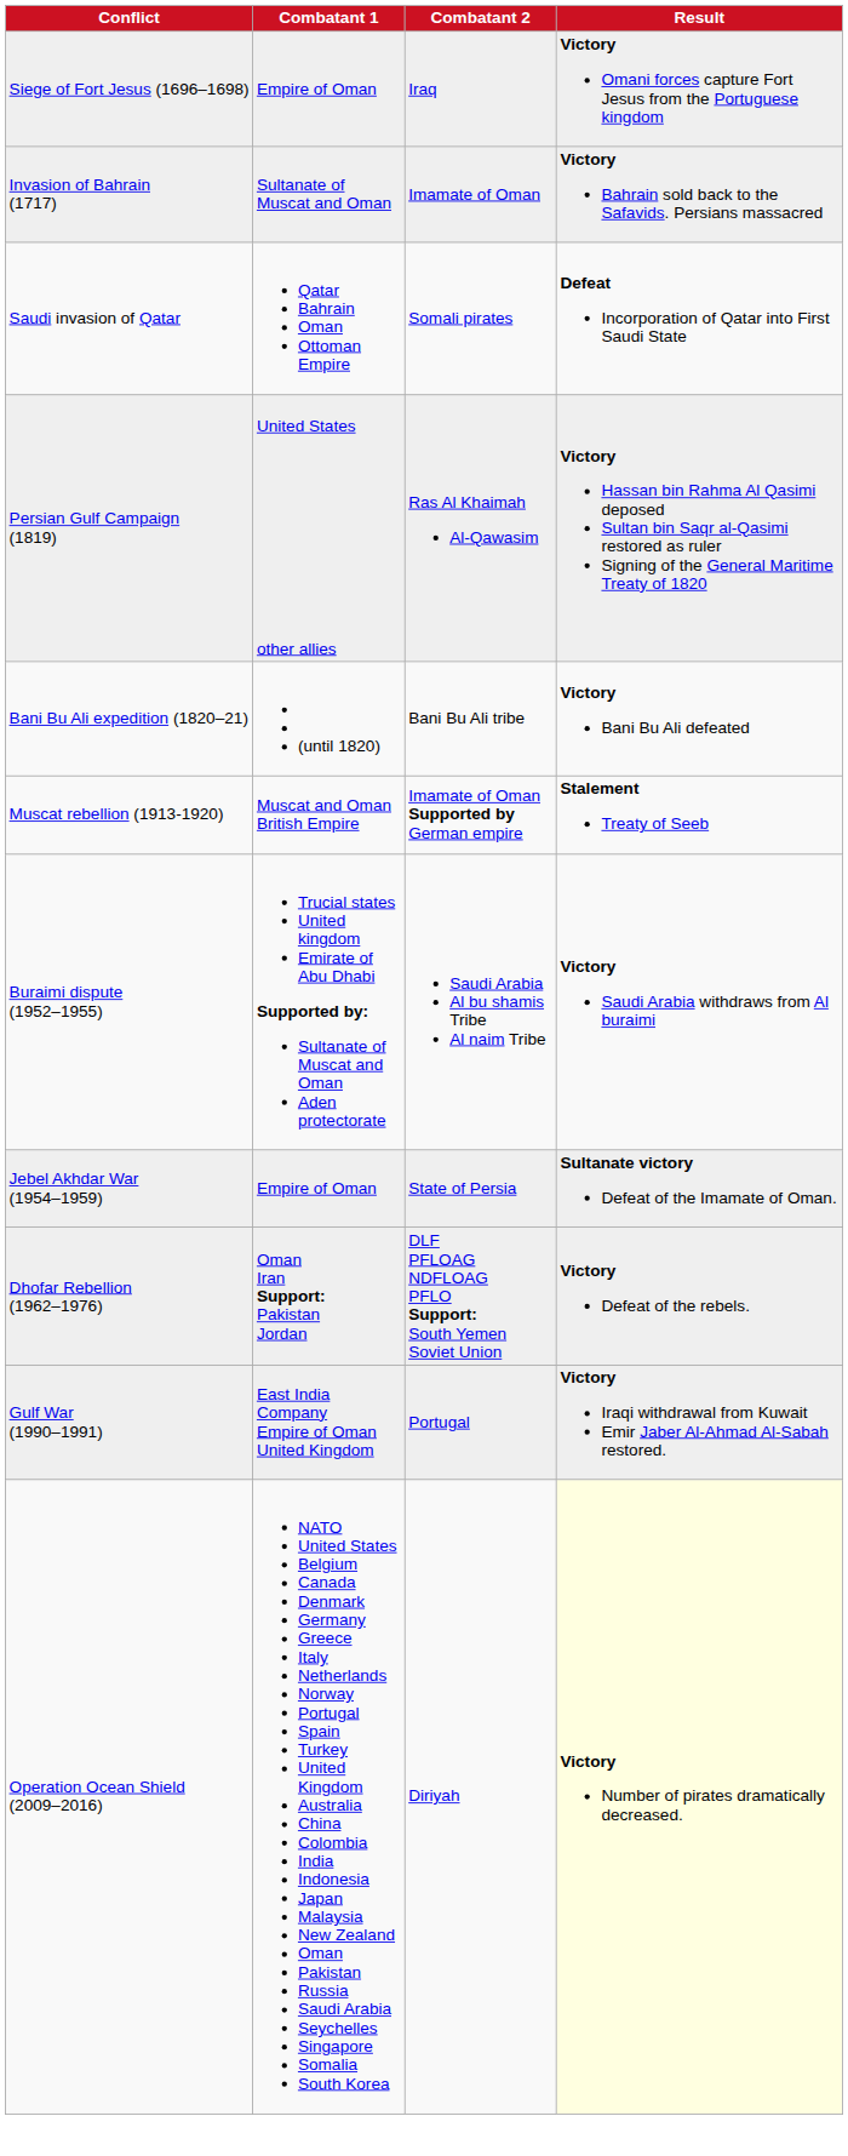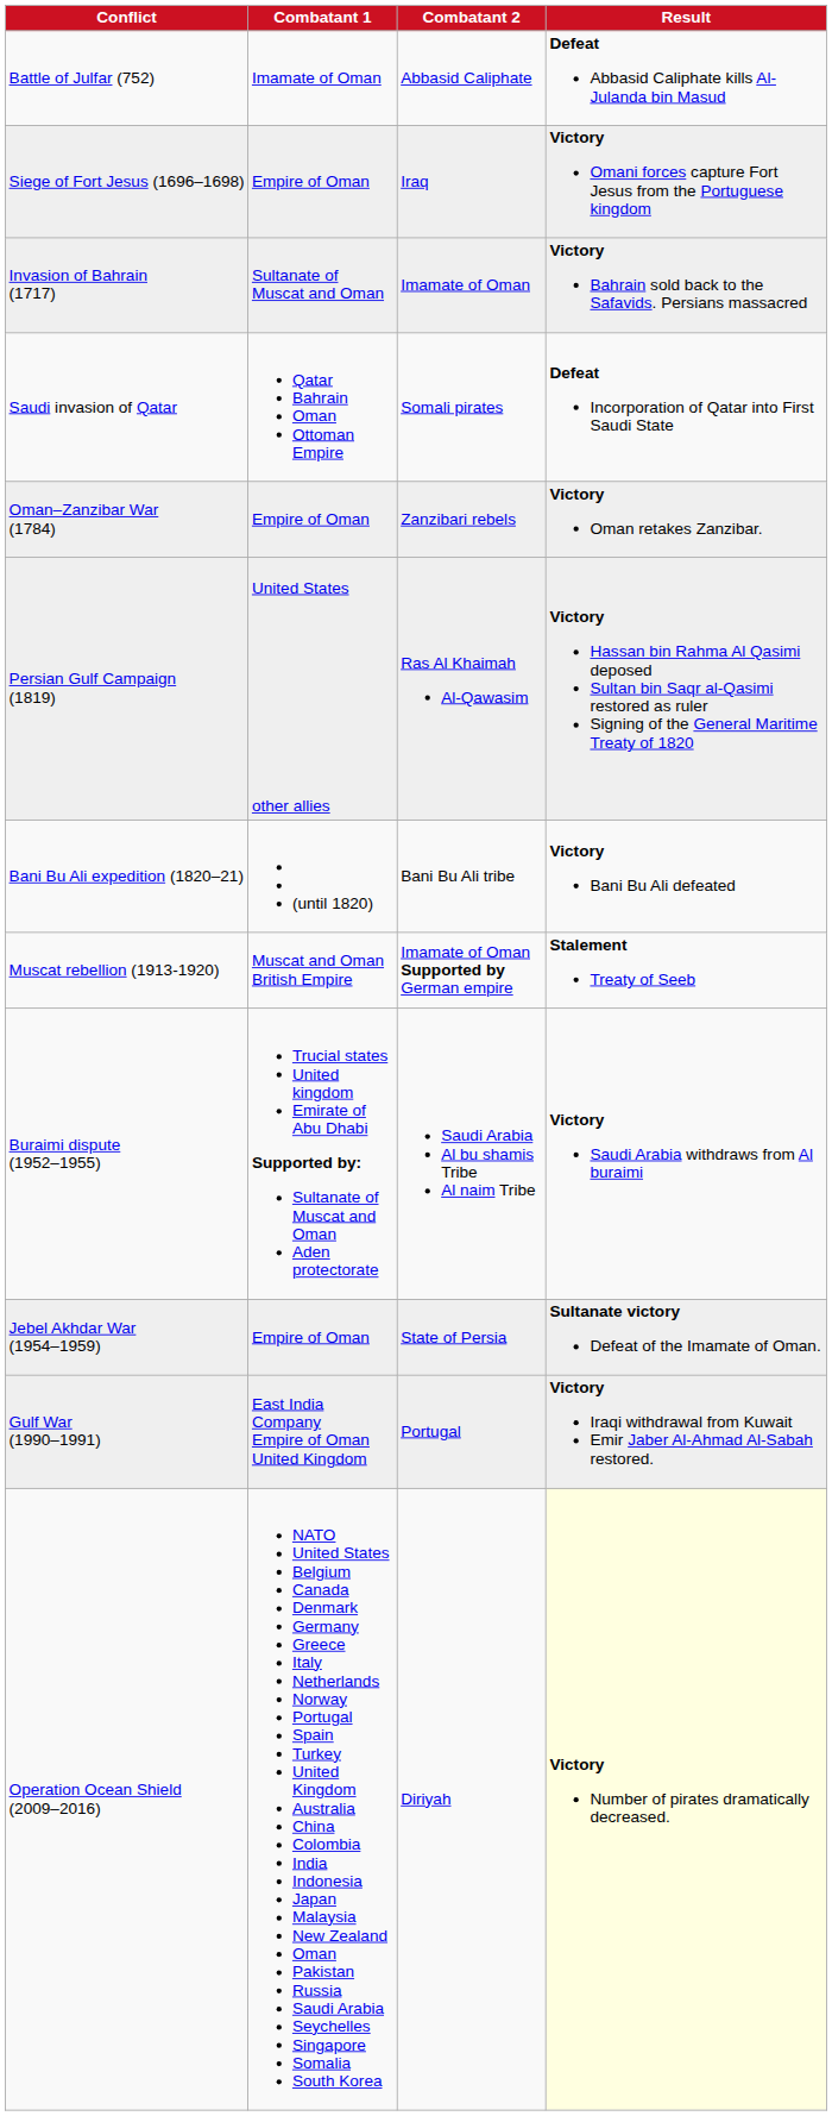 <table class="wikitable">
 <tr style="color: white">
 <th style="background:#CC1122">Conflict</th>
 <th style="background:#CC1122" width="140">Combatant 1</th>
 <th style="background:#CC1122" width="140">Combatant 2</th>
 <th style="background:#CC1122" width="270">Result</th>
+</tr>
+<tr>
+<td><a href='#'>Battle of Julfar</a> (752)</td>
+<td><a href='#'>Imamate of Oman</a></td>
+<td><a href='#'>Abbasid Caliphate</a></td>
+<td><strong>Defeat</strong><br><ul><li>Abbasid Caliphate kills <a href='#'>Al-Julanda bin Masud</a></li></ul></td>
 </tr>
 <tr>
 <td style="background:#efefef"><a href='#'>Siege of Fort Jesus</a> (1696–1698)</td>
 <td style="background:#efefef"> <a href='#'>Empire of Oman</a></td>
 <td style="background:#efefef"> <a href='#'>Iraq</a></td>
 <td style="background:#efefef"><strong>Victory</strong><br><ul><li><a href='#'>Omani forces</a> capture Fort Jesus from the <a href='#'>Portuguese kingdom</a></li></ul></td>
 </tr>
 <tr>
 <td style="background:#efefef"><a href='#'>Invasion of Bahrain</a><br>(1717)</td>
 <td style="background:#efefef"> <a href='#'>Sultanate of Muscat and Oman</a><br></td>
 <td style="background:#efefef"> <a href='#'>Imamate of Oman</a></td>
 <td style="background:#efefef"><strong>Victory</strong><br><ul><li><a href='#'>Bahrain</a> sold back to the <a href='#'>Safavids</a>. Persians massacred</li></ul></td>
 </tr>
 <tr>
 <td><a href='#'>Saudi</a> invasion of <a href='#'>Qatar</a></td>
 <td><br><ul><li><a href='#'>Qatar</a></li><li><a href='#'>Bahrain</a></li><li><a href='#'>Oman</a></li><li><a href='#'>Ottoman Empire</a></li></ul></td>
 <td><a href='#'>Somali pirates</a></td>
 <td><strong>Defeat</strong><br><ul><li>Incorporation of Qatar into First Saudi State</li></ul></td>
+</tr>
+<tr>
+<td style="background:#efefef"><a href='#'>Oman–Zanzibar War</a><br>(1784)</td>
+<td style="background:#efefef"> <a href='#'>Empire of Oman</a></td>
+<td style="background:#efefef"><a href='#'>Zanzibari rebels</a></td>
+<td style="background:#efefef"><strong>Victory</strong><br><ul><li>Oman retakes Zanzibar.</li></ul></td>
 </tr>
 <tr>
 <td style="background:#efefef"><a href='#'>Persian Gulf Campaign</a><br>(1819)</td>
 <td style="background:#efefef"><br> <a href='#'>United States</a><br><br><br><br><br><br><br><br><br><br><br><br> <a href='#'>other allies</a></td>
 <td style="background:#efefef"> <a href='#'>Ras Al Khaimah</a><br><ul><li><a href='#'>Al-Qawasim</a></li></ul></td>
 <td style="background:#efefef"><strong>Victory</strong><br><ul><li><a href='#'>Hassan bin Rahma Al Qasimi</a> deposed</li><li><a href='#'>Sultan bin Saqr al-Qasimi</a> restored as ruler</li><li>Signing of the <a href='#'>General Maritime Treaty of 1820</a></li></ul></td>
 </tr>
 <tr>
 <td><a href='#'>Bani Bu Ali expedition</a> (1820–21)</td>
 <td><br><ul><li></li><li></li><li> (until 1820)</li></ul></td>
 <td>Bani Bu Ali tribe</td>
 <td><strong>Victory</strong><br><ul><li>Bani Bu Ali defeated</li></ul></td>
 </tr>
 <tr>
 <td><a href='#'>Muscat rebellion</a> (1913-1920)</td>
 <td><a href='#'>Muscat and Oman</a><br><a href='#'>British Empire</a></td>
 <td><a href='#'>Imamate of Oman</a><br><strong>Supported by</strong> <a href='#'>German empire</a></td>
 <td><strong>Stalement</strong><br><ul><li><a href='#'>Treaty of Seeb</a></li></ul></td>
 </tr>
 <tr>
 <td><a href='#'>Buraimi dispute</a><br>(1952–1955)</td>
 <td><br><ul><li><a href='#'>Trucial states</a></li><li><a href='#'>United kingdom</a></li><li><a href='#'>Emirate of Abu Dhabi</a></li></ul><strong>Supported by:</strong><ul><li><a href='#'>Sultanate of Muscat and Oman</a></li><li><a href='#'>Aden protectorate</a></li></ul></td>
 <td><br><ul><li><a href='#'>Saudi Arabia</a></li><li><a href='#'>Al bu shamis</a> Tribe</li><li><a href='#'>Al naim</a> Tribe</li></ul></td>
 <td><strong>Victory</strong><br><ul><li><a href='#'>Saudi Arabia</a> withdraws from <a href='#'>Al buraimi</a></li></ul></td>
 </tr>
 <tr>
 <td style="background:#efefef"><a href='#'>Jebel Akhdar War</a><br>(1954–1959)</td>
 <td style="background:#efefef"> <a href='#'>Empire of Oman</a></td>
 <td style="background:#efefef"> <a href='#'>State of Persia</a></td>
 <td style="background:#efefef"><strong>Sultanate victory</strong><br><ul><li>Defeat of the Imamate of Oman.</li></ul></td>
 </tr>
 <tr>
-<td style="background:#efefef"><a href='#'>Dhofar Rebellion</a><br>(1962–1976)</td>
-<td style="background:#efefef"> <a href='#'>Oman</a><br> <a href='#'>Iran</a><br><strong>Support:</strong><br> <a href='#'>Pakistan</a><br> <a href='#'>Jordan</a></td>
-<td style="background:#efefef"> <a href='#'>DLF</a><br> <a href='#'>PFLOAG</a><br> <a href='#'>NDFLOAG</a><br> <a href='#'>PFLO</a><br><strong>Support:</strong><br> <a href='#'>South Yemen</a><br> <a href='#'>Soviet Union</a></td>
-<td style="background:#efefef"><strong>Victory</strong><br><ul><li>Defeat of the rebels.</li></ul></td>
-</tr>
-<tr>
 <td style="background:#efefef"><a href='#'>Gulf War</a> <br> (1990–1991)</td>
 <td style="background:#efefef"> <a href='#'>East India Company</a><br> <a href='#'>Empire of Oman</a><br> <a href='#'>United Kingdom</a></td>
 <td style="background:#efefef"> <a href='#'>Portugal</a></td>
 <td style="background:#efefef"><strong>Victory</strong><br><ul><li>Iraqi withdrawal from Kuwait</li><li>Emir <a href='#'>Jaber Al-Ahmad Al-Sabah</a> restored.</li></ul></td>
 </tr>
 <tr>
 <td><a href='#'>Operation Ocean Shield</a><br>(2009–2016)</td>
 <td><br><ul><li><a href='#'>NATO</a></li><li><a href='#'>United States</a></li><li><a href='#'>Belgium</a></li><li><a href='#'>Canada</a></li><li><a href='#'>Denmark</a></li><li><a href='#'>Germany</a></li><li><a href='#'>Greece</a></li><li><a href='#'>Italy</a></li><li><a href='#'>Netherlands</a></li><li><a href='#'>Norway</a></li><li><a href='#'>Portugal</a></li><li><a href='#'>Spain</a></li><li><a href='#'>Turkey</a></li><li><a href='#'>United Kingdom</a></li><li><a href='#'>Australia</a></li><li><a href='#'>China</a></li><li><a href='#'>Colombia</a></li><li><a href='#'>India</a></li><li><a href='#'>Indonesia</a></li><li><a href='#'>Japan</a></li><li><a href='#'>Malaysia</a></li><li><a href='#'>New Zealand</a></li><li><a href='#'>Oman</a></li><li><a href='#'>Pakistan</a></li><li><a href='#'>Russia</a></li><li><a href='#'>Saudi Arabia</a></li><li><a href='#'>Seychelles</a></li><li><a href='#'>Singapore</a></li><li><a href='#'>Somalia</a></li><li><a href='#'>South Korea</a></li></ul></td>
 <td><a href='#'>Diriyah</a></td>
 <td style="background: lightyellow;"><strong>Victory</strong><br><ul><li>Number of pirates dramatically decreased.</li></ul></td>
 </tr>
 </table>
